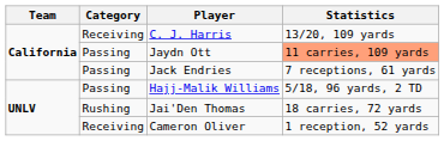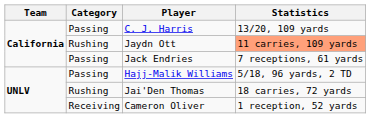 <table class="wikitable" style="float: right;">
 <tr>
 <th>Team</th>
 <th>Category</th>
 <th>Player</th>
 <th>Statistics</th>
 </tr>
 <tr>
 <td rowspan=3><strong>California</strong></td>
-<td>Receiving</td>
+<td>Passing</td>
 <td><a href='#'>C. J. Harris</a></td>
 <td>13/20, 109 yards</td>
 </tr>
 <tr>
-<td>Passing</td>
+<td>Rushing</td>
 <td>Jaydn Ott</td>
 <td style="background: lightsalmon;">11 carries, 109 yards</td>
 </tr>
 <tr>
 <td>Passing</td>
 <td>Jack Endries</td>
 <td>7 receptions, 61 yards</td>
 </tr>
 <tr>
 <td rowspan=3><strong>UNLV</strong></td>
 <td>Passing</td>
 <td><a href='#'>Hajj-Malik Williams</a></td>
 <td>5/18, 96 yards, 2 TD</td>
 </tr>
 <tr>
 <td>Rushing</td>
 <td>Jai'Den Thomas</td>
 <td>18 carries, 72 yards</td>
 </tr>
 <tr>
 <td>Receiving</td>
 <td>Cameron Oliver</td>
 <td>1 reception, 52 yards</td>
 </tr>
 </table>
